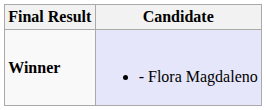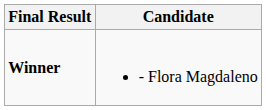 <table class="wikitable">
 <tr>
 <th>Final Result</th>
 <th>Candidate</th>
 </tr>
 <tr>
 <td><strong>Winner</strong></td>
-<td style="background: lavender;"><br><ul><li><strong></strong> - Flora Magdaleno</li></ul></td>
+<td><br><ul><li><strong></strong> - Flora Magdaleno</li></ul></td>
 </tr>
 <tr>
 </tr>
 </table>
